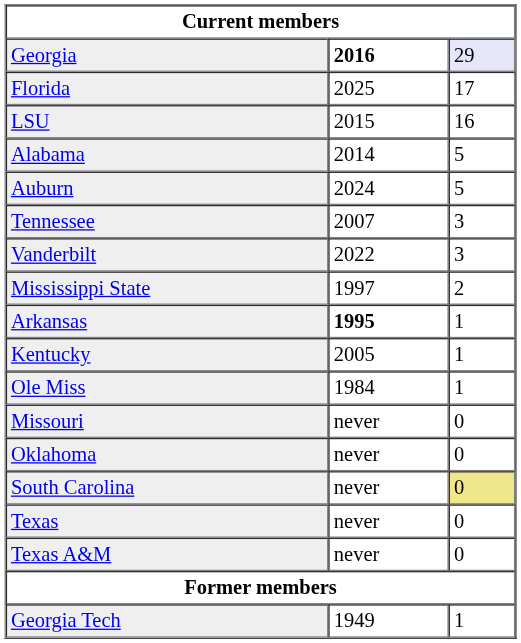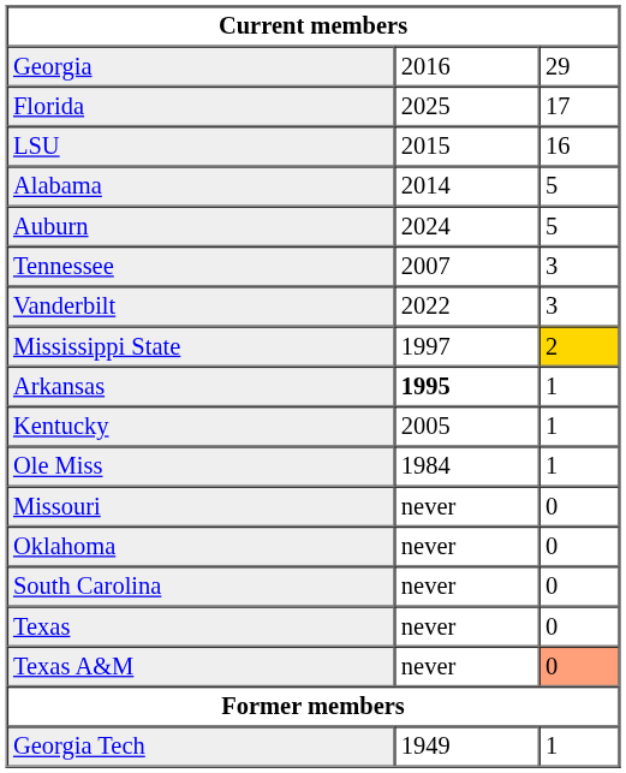 <table border="1" cellpadding="3" cellspacing="0" align="right" width="400px">
 <tr>
 </tr>
 <tr>
 <td colspan=3 align="center"><strong>Current members</strong></td>
 </tr>
 <tr>
 <td bgcolor="#efefef"><a href='#'>Georgia</a></td>
-<td><strong>2016</strong></td>
-<td style="background: lavender;">29</td>
+<td>2016</td>
+<td>29</td>
 </tr>
 <tr>
 <td bgcolor="#efefef"><a href='#'>Florida</a></td>
 <td>2025</td>
 <td>17</td>
 </tr>
 <tr>
 <td bgcolor="#efefef"><a href='#'>LSU</a></td>
 <td>2015</td>
 <td>16</td>
 </tr>
 <tr>
 <td bgcolor="#efefef"><a href='#'>Alabama</a></td>
 <td>2014</td>
 <td>5</td>
 </tr>
 <tr>
 <td bgcolor=#efefef><a href='#'>Auburn</a></td>
 <td>2024</td>
 <td>5</td>
 </tr>
 <tr>
 <td bgcolor="#efefef"><a href='#'>Tennessee</a></td>
 <td>2007</td>
 <td>3</td>
 </tr>
 <tr>
 <td bgcolor=#efefef><a href='#'>Vanderbilt</a></td>
 <td>2022</td>
 <td>3</td>
 </tr>
 <tr>
 <td bgcolor="#efefef"><a href='#'>Mississippi State</a></td>
 <td>1997</td>
-<td>2</td>
+<td style="background: gold;">2</td>
 </tr>
 <tr>
 <td bgcolor="#efefef"><a href='#'>Arkansas</a></td>
 <td><strong>1995</strong></td>
 <td>1</td>
 </tr>
 <tr>
 <td bgcolor="#efefef"><a href='#'>Kentucky</a></td>
 <td>2005</td>
 <td>1</td>
 </tr>
 <tr>
 <td bgcolor="#efefef"><a href='#'>Ole Miss</a></td>
 <td>1984</td>
 <td>1</td>
 </tr>
 <tr>
 <td bgcolor="#efefef"><a href='#'>Missouri</a></td>
 <td>never</td>
 <td>0</td>
 </tr>
 <tr>
 <td bgcolor="#efefef"><a href='#'>Oklahoma</a></td>
 <td>never</td>
 <td>0</td>
 </tr>
 <tr>
 <td bgcolor="#efefef"><a href='#'>South Carolina</a></td>
 <td>never</td>
-<td style="background: khaki;">0</td>
+<td>0</td>
 </tr>
 <tr>
 <td bgcolor="#efefef"><a href='#'>Texas</a></td>
 <td>never</td>
 <td>0</td>
 </tr>
 <tr>
 <td bgcolor="#efefef"><a href='#'>Texas A&M</a></td>
 <td>never</td>
-<td>0</td>
+<td style="background: lightsalmon;">0</td>
 </tr>
 <tr>
 <td colspan=5 align="center"><strong>Former members</strong></td>
 </tr>
 <tr>
 <td bgcolor="#efefef"><a href='#'>Georgia Tech</a></td>
 <td>1949</td>
 <td>1</td>
 </tr>
 <tr>
 </tr>
 </table>
